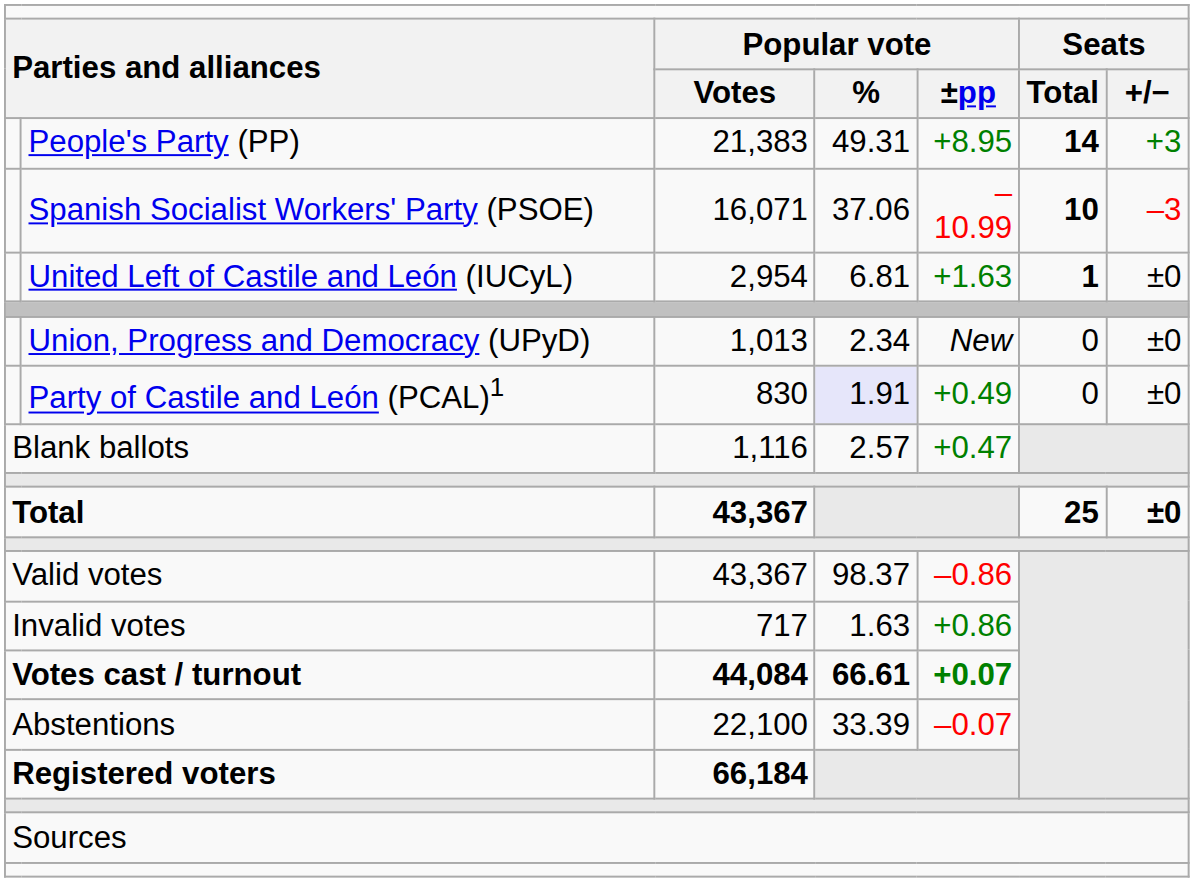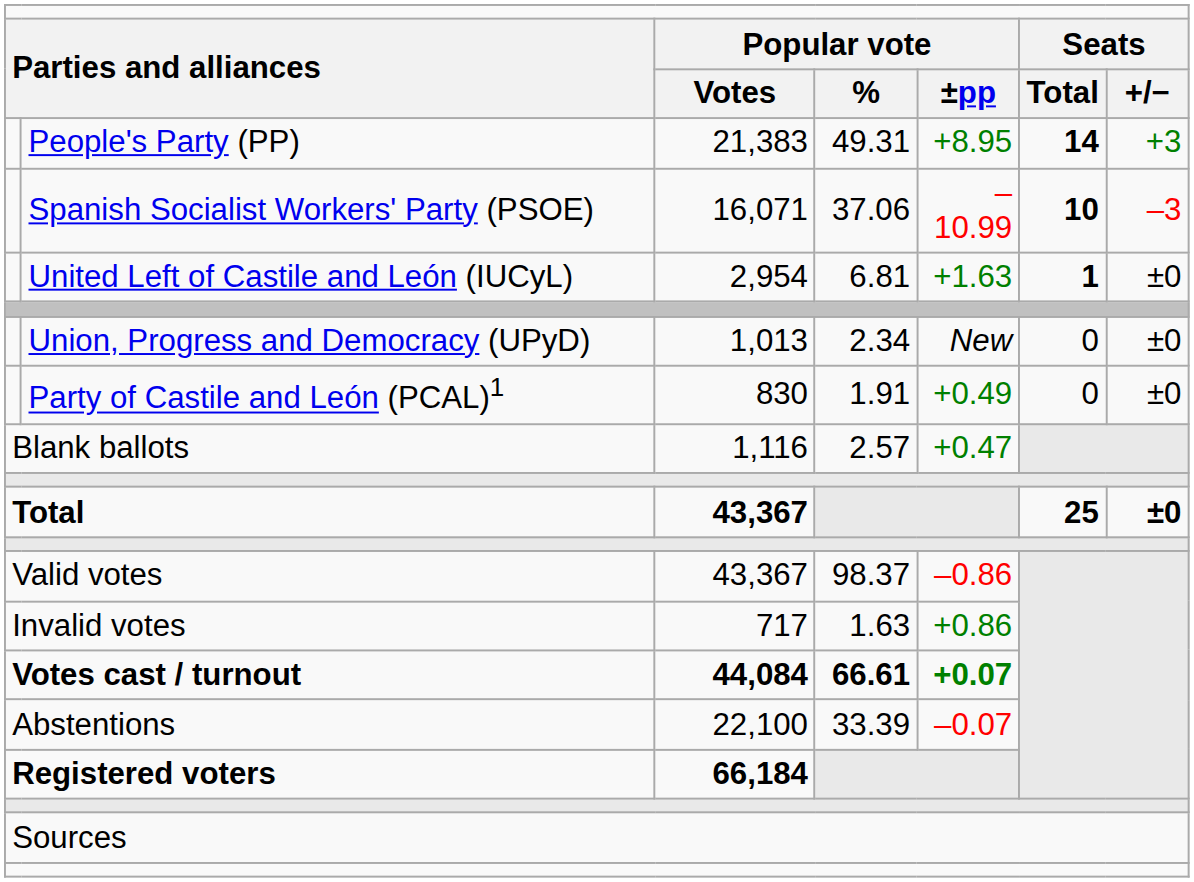 <table class="wikitable" style="text-align:right;">
 <tr>
 <td colspan="7"></td>
 </tr>
 <tr>
 <th style="text-align:left;" rowspan="2" colspan="2" width="525">Parties and alliances</th>
 <th colspan="3">Popular vote</th>
 <th colspan="2">Seats</th>
 </tr>
 <tr>
 <th width="75">Votes</th>
 <th width="45">%</th>
 <th width="45">±<a href='#'>pp</a></th>
 <th width="35">Total</th>
 <th width="35">+/−</th>
 </tr>
 <tr>
 <td width="1" style="color:inherit;background:"></td>
 <td align="left"><a href='#'>People's Party</a> (PP)</td>
 <td>21,383</td>
 <td>49.31</td>
 <td style="color:green;">+8.95</td>
 <td><strong>14</strong></td>
 <td style="color:green;">+3</td>
 </tr>
 <tr>
 <td style="color:inherit;background:"></td>
 <td align="left"><a href='#'>Spanish Socialist Workers' Party</a> (PSOE)</td>
 <td>16,071</td>
 <td>37.06</td>
 <td style="color:red;">–10.99</td>
 <td><strong>10</strong></td>
 <td style="color:red;">–3</td>
 </tr>
 <tr>
 <td style="color:inherit;background:"></td>
 <td align="left"><a href='#'>United Left of Castile and León</a> (IUCyL)</td>
 <td>2,954</td>
 <td>6.81</td>
 <td style="color:green;">+1.63</td>
 <td><strong>1</strong></td>
 <td>±0</td>
 </tr>
 <tr>
 <td colspan="7" bgcolor="#C0C0C0"></td>
 </tr>
 <tr>
 <td style="color:inherit;background:"></td>
 <td align="left"><a href='#'>Union, Progress and Democracy</a> (UPyD)</td>
 <td>1,013</td>
 <td>2.34</td>
 <td><em>New</em></td>
 <td>0</td>
 <td>±0</td>
 </tr>
 <tr>
 <td style="color:inherit;background:"></td>
 <td align="left"><a href='#'>Party of Castile and León</a> (PCAL)<sup>1</sup></td>
 <td>830</td>
-<td style="background: lavender;">1.91</td>
+<td>1.91</td>
 <td style="color:green;">+0.49</td>
 <td>0</td>
 <td>±0</td>
 </tr>
 <tr>
 <td align="left" colspan="2">Blank ballots</td>
 <td>1,116</td>
 <td>2.57</td>
 <td style="color:green;">+0.47</td>
 <td bgcolor="#E9E9E9" colspan="2"></td>
 </tr>
 <tr>
 <td colspan="7" bgcolor="#E9E9E9"></td>
 </tr>
 <tr style="font-weight:bold;">
 <td align="left" colspan="2">Total</td>
 <td>43,367</td>
 <td bgcolor="#E9E9E9" colspan="2"></td>
 <td>25</td>
 <td>±0</td>
 </tr>
 <tr>
 <td colspan="7" bgcolor="#E9E9E9"></td>
 </tr>
 <tr>
 <td align="left" colspan="2">Valid votes</td>
 <td>43,367</td>
 <td>98.37</td>
 <td style="color:red;">–0.86</td>
 <td bgcolor="#E9E9E9" colspan="2" rowspan="5"></td>
 </tr>
 <tr>
 <td align="left" colspan="2">Invalid votes</td>
 <td>717</td>
 <td>1.63</td>
 <td style="color:green;">+0.86</td>
 </tr>
 <tr style="font-weight:bold;">
 <td align="left" colspan="2">Votes cast / turnout</td>
 <td>44,084</td>
 <td>66.61</td>
 <td style="color:green;">+0.07</td>
 </tr>
 <tr>
 <td align="left" colspan="2">Abstentions</td>
 <td>22,100</td>
 <td>33.39</td>
 <td style="color:red;">–0.07</td>
 </tr>
 <tr style="font-weight:bold;">
 <td align="left" colspan="2">Registered voters</td>
 <td>66,184</td>
 <td bgcolor="#E9E9E9" colspan="2"></td>
 </tr>
 <tr>
 <td colspan="7" bgcolor="#E9E9E9"></td>
 </tr>
 <tr>
 <td align="left" colspan="7">Sources</td>
 </tr>
 <tr>
 <td colspan="7" style="text-align:left; max-width:790px;"></td>
 </tr>
 </table>
